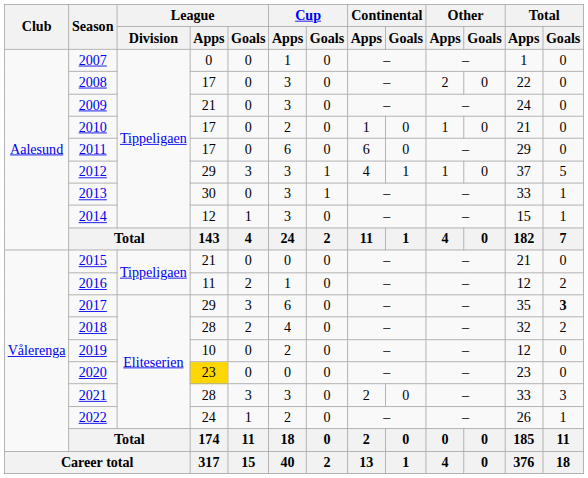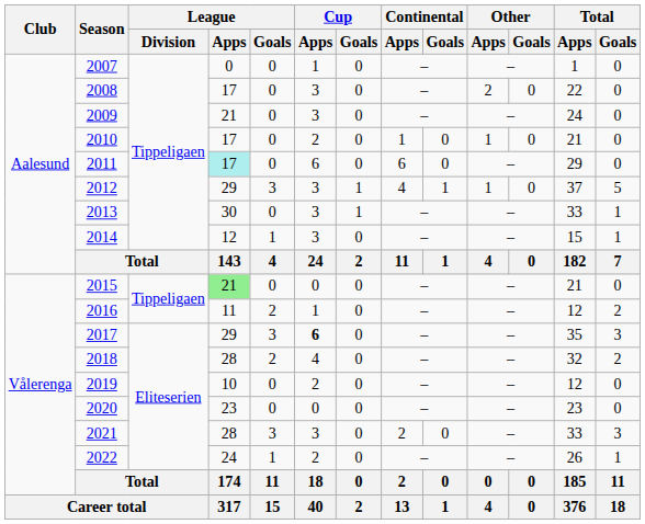 <table class="wikitable" style="text-align: center;">
 <tr>
 <th rowspan=2>Club</th>
 <th rowspan=2>Season</th>
 <th colspan=3>League</th>
 <th colspan=2><a href='#'>Cup</a></th>
 <th colspan=2>Continental</th>
 <th colspan=2>Other</th>
 <th colspan=2>Total</th>
 </tr>
 <tr>
 <th>Division</th>
 <th>Apps</th>
 <th>Goals</th>
 <th>Apps</th>
 <th>Goals</th>
 <th>Apps</th>
 <th>Goals</th>
 <th>Apps</th>
 <th>Goals</th>
 <th>Apps</th>
 <th>Goals</th>
 </tr>
 <tr>
 <td rowspan=9><a href='#'>Aalesund</a></td>
 <td><a href='#'>2007</a></td>
 <td rowspan=8><a href='#'>Tippeligaen</a></td>
 <td>0</td>
 <td>0</td>
 <td>1</td>
 <td>0</td>
 <td colspan=2>–</td>
 <td colspan=2>–</td>
 <td>1</td>
 <td>0</td>
 </tr>
 <tr>
 <td><a href='#'>2008</a></td>
 <td>17</td>
 <td>0</td>
 <td>3</td>
 <td>0</td>
 <td colspan=2>–</td>
 <td>2</td>
 <td>0</td>
 <td>22</td>
 <td>0</td>
 </tr>
 <tr>
 <td><a href='#'>2009</a></td>
 <td>21</td>
 <td>0</td>
 <td>3</td>
 <td>0</td>
 <td colspan=2>–</td>
 <td colspan=2>–</td>
 <td>24</td>
 <td>0</td>
 </tr>
 <tr>
 <td><a href='#'>2010</a></td>
 <td>17</td>
 <td>0</td>
 <td>2</td>
 <td>0</td>
 <td>1</td>
 <td>0</td>
 <td>1</td>
 <td>0</td>
 <td>21</td>
 <td>0</td>
 </tr>
 <tr>
 <td><a href='#'>2011</a></td>
-<td>17</td>
+<td style="background: paleturquoise;">17</td>
 <td>0</td>
 <td>6</td>
 <td>0</td>
 <td>6</td>
 <td>0</td>
 <td colspan=2>–</td>
 <td>29</td>
 <td>0</td>
 </tr>
 <tr>
 <td><a href='#'>2012</a></td>
 <td>29</td>
 <td>3</td>
 <td>3</td>
 <td>1</td>
 <td>4</td>
 <td>1</td>
 <td>1</td>
 <td>0</td>
 <td>37</td>
 <td>5</td>
 </tr>
 <tr>
 <td><a href='#'>2013</a></td>
 <td>30</td>
 <td>0</td>
 <td>3</td>
 <td>1</td>
 <td colspan=2>–</td>
 <td colspan=2>–</td>
 <td>33</td>
 <td>1</td>
 </tr>
 <tr>
 <td><a href='#'>2014</a></td>
 <td>12</td>
 <td>1</td>
 <td>3</td>
 <td>0</td>
 <td colspan=2>–</td>
 <td colspan=2>–</td>
 <td>15</td>
 <td>1</td>
 </tr>
 <tr>
 <th colspan=2>Total</th>
 <th>143</th>
 <th>4</th>
 <th>24</th>
 <th>2</th>
 <th>11</th>
 <th>1</th>
 <th>4</th>
 <th>0</th>
 <th>182</th>
 <th>7</th>
 </tr>
 <tr>
 <td rowspan=9><a href='#'>Vålerenga</a></td>
 <td><a href='#'>2015</a></td>
 <td rowspan=2><a href='#'>Tippeligaen</a></td>
-<td>21</td>
+<td style="background: lightgreen;">21</td>
 <td>0</td>
 <td>0</td>
 <td>0</td>
 <td colspan=2>–</td>
 <td colspan=2>–</td>
 <td>21</td>
 <td>0</td>
 </tr>
 <tr>
 <td><a href='#'>2016</a></td>
 <td>11</td>
 <td>2</td>
 <td>1</td>
 <td>0</td>
 <td colspan=2>–</td>
 <td colspan=2>–</td>
 <td>12</td>
 <td>2</td>
 </tr>
 <tr>
 <td><a href='#'>2017</a></td>
 <td rowspan=6><a href='#'>Eliteserien</a></td>
 <td>29</td>
 <td>3</td>
-<td>6</td>
+<td><strong>6</strong></td>
 <td>0</td>
 <td colspan=2>–</td>
 <td colspan=2>–</td>
 <td>35</td>
-<td><strong>3</strong></td>
+<td>3</td>
 </tr>
 <tr>
 <td><a href='#'>2018</a></td>
 <td>28</td>
 <td>2</td>
 <td>4</td>
 <td>0</td>
 <td colspan=2>–</td>
 <td colspan=2>–</td>
 <td>32</td>
 <td>2</td>
 </tr>
 <tr>
 <td><a href='#'>2019</a></td>
 <td>10</td>
 <td>0</td>
 <td>2</td>
 <td>0</td>
 <td colspan=2>–</td>
 <td colspan=2>–</td>
 <td>12</td>
 <td>0</td>
 </tr>
 <tr>
 <td><a href='#'>2020</a></td>
-<td style="background: gold;">23</td>
+<td>23</td>
 <td>0</td>
 <td>0</td>
 <td>0</td>
 <td colspan=2>–</td>
 <td colspan=2>–</td>
 <td>23</td>
 <td>0</td>
 </tr>
 <tr>
 <td><a href='#'>2021</a></td>
 <td>28</td>
 <td>3</td>
 <td>3</td>
 <td>0</td>
 <td>2</td>
 <td>0</td>
 <td colspan=2>–</td>
 <td>33</td>
 <td>3</td>
 </tr>
 <tr>
 <td><a href='#'>2022</a></td>
 <td>24</td>
 <td>1</td>
 <td>2</td>
 <td>0</td>
 <td colspan=2>–</td>
 <td colspan=2>–</td>
 <td>26</td>
 <td>1</td>
 </tr>
 <tr>
 <th colspan=2>Total</th>
 <th>174</th>
 <th>11</th>
 <th>18</th>
 <th>0</th>
 <th>2</th>
 <th>0</th>
 <th>0</th>
 <th>0</th>
 <th>185</th>
 <th>11</th>
 </tr>
 <tr>
 <th colspan=3>Career total</th>
 <th>317</th>
 <th>15</th>
 <th>40</th>
 <th>2</th>
 <th>13</th>
 <th>1</th>
 <th>4</th>
 <th>0</th>
 <th>376</th>
 <th>18</th>
 </tr>
 </table>
